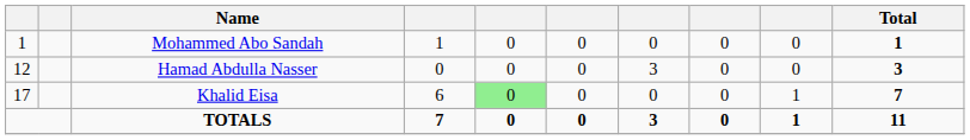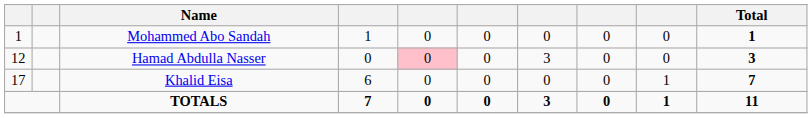 <table class="wikitable sortable alternance"  style="font-size:85%; text-align:center; line-height:14px; width:60%;">
 <tr>
 <th width=15></th>
 <th width=15></th>
 <th width=210>Name</th>
 <th width=40></th>
 <th width=40></th>
 <th width=40></th>
 <th width=40></th>
 <th width=40></th>
 <th width=40></th>
 <th width=80>Total</th>
 </tr>
 <tr>
 <td>1</td>
 <td></td>
 <td><a href='#'>Mohammed Abo Sandah</a></td>
 <td>1</td>
 <td>0</td>
 <td>0</td>
 <td>0</td>
 <td>0</td>
 <td>0</td>
 <td><strong>1</strong></td>
 </tr>
 <tr>
 <td>12</td>
 <td></td>
 <td><a href='#'>Hamad Abdulla Nasser</a></td>
 <td>0</td>
-<td>0</td>
+<td style="background: pink;">0</td>
 <td>0</td>
 <td>3</td>
 <td>0</td>
 <td>0</td>
 <td><strong>3</strong></td>
 </tr>
 <tr>
 <td>17</td>
 <td></td>
 <td><a href='#'>Khalid Eisa</a></td>
 <td>6</td>
-<td style="background: lightgreen;">0</td>
+<td>0</td>
 <td>0</td>
 <td>0</td>
 <td>0</td>
 <td>1</td>
 <td><strong>7</strong></td>
 </tr>
 <tr>
 <td colspan="2"></td>
 <td><strong>TOTALS</strong></td>
 <td><strong>7</strong></td>
 <td><strong>0</strong></td>
 <td><strong>0</strong></td>
 <td><strong>3</strong></td>
 <td><strong>0</strong></td>
 <td><strong>1</strong></td>
 <td><strong>11</strong></td>
 </tr>
 <tr>
 </tr>
 </table>
